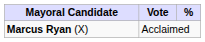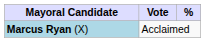 <table class="wikitable">
 <tr>
 <th style="background:#ddf; width:200px;">Mayoral Candidate</th>
 <th style="background:#ddf; width:50px;">Vote</th>
 <th style="background:#ddf; width:30px;">%</th>
 </tr>
 <tr>
-<td><strong>Marcus Ryan</strong>  (X)</td>
+<td style="background: lightblue;"><strong>Marcus Ryan</strong>  (X)</td>
 <td colspan="2">Acclaimed</td>
 </tr>
 </table>
